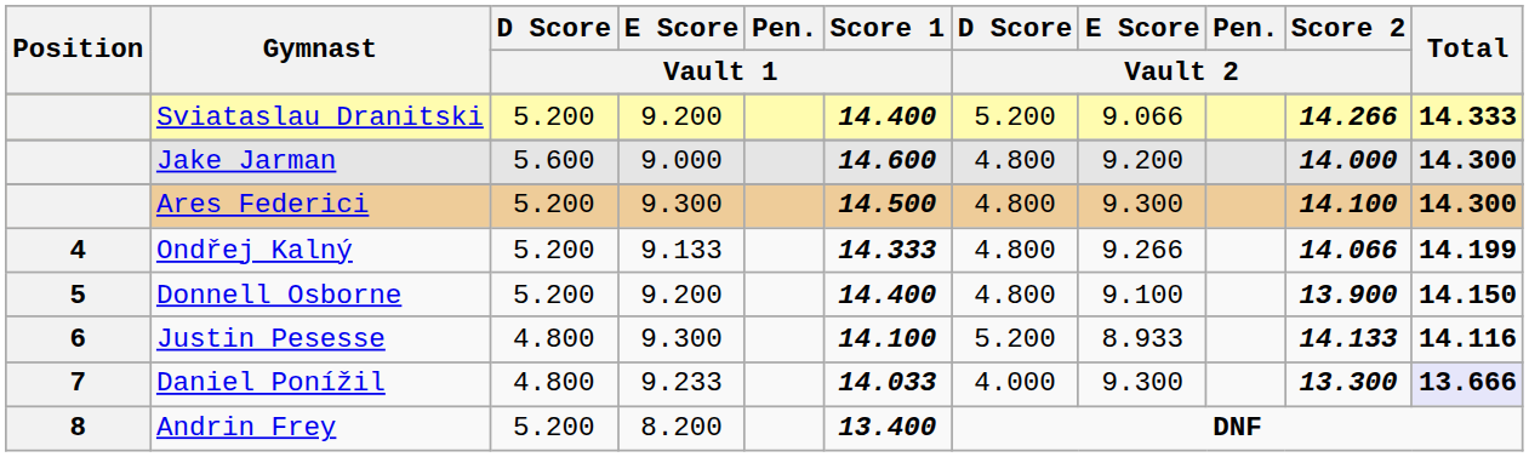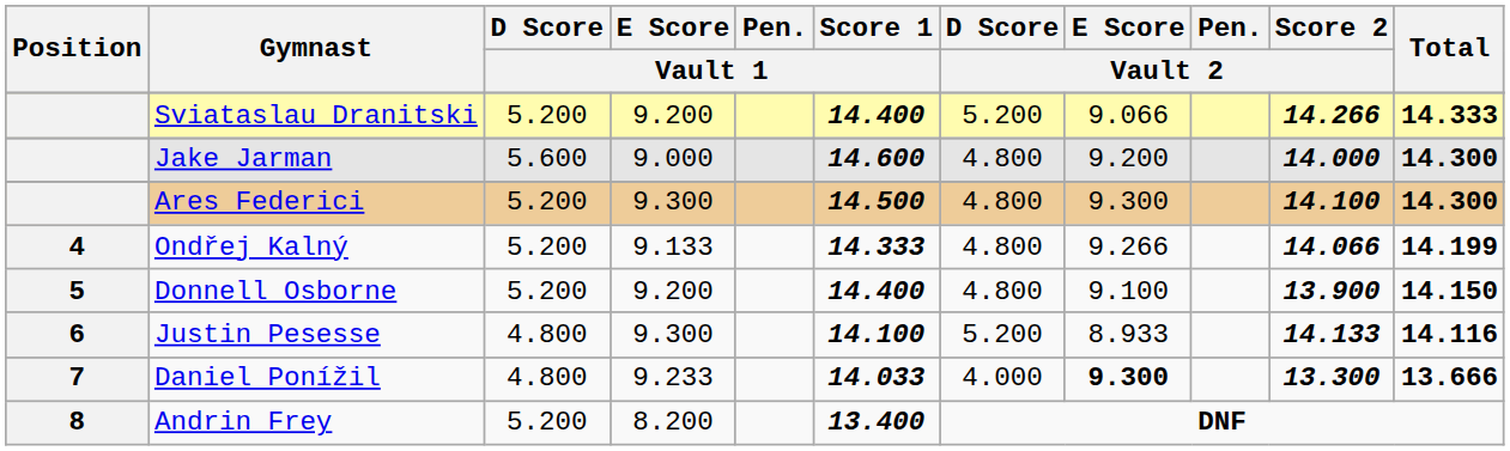 <table class="wikitable sortable" style="text-align:center;">
 <tr>
 <th rowspan="2">Position</th>
 <th rowspan="2">Gymnast</th>
 <th>D Score</th>
 <th>E Score</th>
 <th>Pen.</th>
 <th>Score 1</th>
 <th>D Score</th>
 <th>E Score</th>
 <th>Pen.</th>
 <th>Score 2</th>
 <th rowspan="2">Total</th>
 </tr>
 <tr>
 <th colspan="4">Vault 1</th>
 <th colspan="4">Vault 2</th>
 </tr>
 <tr>
 </tr>
 <tr style="background:#fffcaf;">
 <th scope="row" style="text-align:center"></th>
 <td style="text-align:left;"> <a href='#'>Sviataslau Dranitski</a></td>
 <td>5.200</td>
 <td>9.200</td>
 <td></td>
 <td><strong><em>14.400</em></strong></td>
 <td>5.200</td>
 <td>9.066</td>
 <td></td>
 <td><strong><em>14.266</em></strong></td>
 <td><strong>14.333</strong></td>
 </tr>
 <tr>
 </tr>
 <tr style="background:#e5e5e5;">
 <th scope="row" style="text-align:center"></th>
 <td style="text-align:left;"> <a href='#'>Jake Jarman</a></td>
 <td>5.600</td>
 <td>9.000</td>
 <td></td>
 <td><strong><em>14.600</em></strong></td>
 <td>4.800</td>
 <td>9.200</td>
 <td></td>
 <td><strong><em>14.000</em></strong></td>
 <td><strong>14.300</strong></td>
 </tr>
 <tr>
 </tr>
 <tr style="background:#ec9;">
 <th scope="row" style="text-align:center"></th>
 <td style="text-align:left;"> <a href='#'>Ares Federici</a></td>
 <td>5.200</td>
 <td>9.300</td>
 <td></td>
 <td><strong><em>14.500</em></strong></td>
 <td>4.800</td>
 <td>9.300</td>
 <td></td>
 <td><strong><em>14.100</em></strong></td>
 <td><strong>14.300</strong></td>
 </tr>
 <tr>
 <th>4</th>
 <td style="text-align:left;"> <a href='#'>Ondřej Kalný</a></td>
 <td>5.200</td>
 <td>9.133</td>
 <td></td>
 <td><strong><em>14.333</em></strong></td>
 <td>4.800</td>
 <td>9.266</td>
 <td></td>
 <td><strong><em>14.066</em></strong></td>
 <td><strong>14.199</strong></td>
 </tr>
 <tr>
 <th>5</th>
 <td style="text-align:left;"> <a href='#'>Donnell Osborne</a></td>
 <td>5.200</td>
 <td>9.200</td>
 <td></td>
 <td><strong><em>14.400</em></strong></td>
 <td>4.800</td>
 <td>9.100</td>
 <td></td>
 <td><strong><em>13.900</em></strong></td>
 <td><strong>14.150</strong></td>
 </tr>
 <tr>
 <th>6</th>
 <td style="text-align:left;"> <a href='#'>Justin Pesesse</a></td>
 <td>4.800</td>
 <td>9.300</td>
 <td></td>
 <td><strong><em>14.100</em></strong></td>
 <td>5.200</td>
 <td>8.933</td>
 <td></td>
 <td><strong><em>14.133</em></strong></td>
 <td><strong>14.116</strong></td>
 </tr>
 <tr>
 <th>7</th>
 <td style="text-align:left;"> <a href='#'>Daniel Ponížil</a></td>
 <td>4.800</td>
 <td>9.233</td>
 <td></td>
 <td><strong><em>14.033</em></strong></td>
 <td>4.000</td>
-<td>9.300</td>
+<td><strong>9.300</strong></td>
 <td></td>
 <td><strong><em>13.300</em></strong></td>
-<td style="background: lavender;"><strong>13.666</strong></td>
+<td><strong>13.666</strong></td>
 </tr>
 <tr>
 <th>8</th>
 <td style="text-align:left;"> <a href='#'>Andrin Frey</a></td>
 <td>5.200</td>
 <td>8.200</td>
 <td></td>
 <td><strong><em>13.400</em></strong></td>
 <td colspan=5><strong>DNF</strong></td>
 </tr>
 </table>
